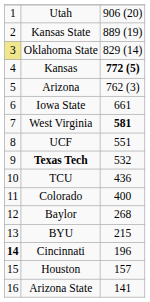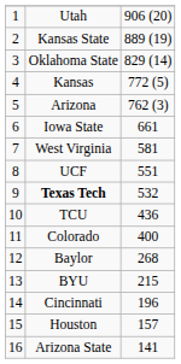 <table class="wikitable" style="display: inline-table;">
 <tr align="center">
 </tr>
 <tr align="center">
 <td>1</td>
 <td>Utah</td>
 <td>906 (20)</td>
 </tr>
 <tr align="center">
 <td>2</td>
 <td>Kansas State</td>
 <td>889 (19)</td>
 </tr>
 <tr align="center">
-<td style="background: khaki;">3</td>
+<td>3</td>
 <td>Oklahoma State</td>
 <td>829 (14)</td>
 </tr>
 <tr align="center">
 <td>4</td>
 <td>Kansas</td>
-<td><strong>772 (5)</strong></td>
+<td>772 (5)</td>
 </tr>
 <tr align="center">
 <td>5</td>
 <td>Arizona</td>
 <td>762 (3)</td>
 </tr>
 <tr align="center">
 <td>6</td>
 <td>Iowa State</td>
 <td>661</td>
 </tr>
 <tr align="center">
 <td>7</td>
 <td>West Virginia</td>
-<td><strong>581</strong></td>
+<td>581</td>
 </tr>
 <tr align="center">
 <td>8</td>
 <td>UCF</td>
 <td>551</td>
 </tr>
 <tr align="center">
 <td>9</td>
 <td><strong>Texas Tech</strong></td>
 <td>532</td>
 </tr>
 <tr align="center">
 <td>10</td>
 <td>TCU</td>
 <td>436</td>
 </tr>
 <tr align="center">
 <td>11</td>
 <td>Colorado</td>
 <td>400</td>
 </tr>
 <tr align="center">
 <td>12</td>
 <td>Baylor</td>
 <td>268</td>
 </tr>
 <tr align="center">
 <td>13</td>
 <td>BYU</td>
 <td>215</td>
 </tr>
 <tr align="center">
-<td><strong>14</strong></td>
+<td>14</td>
 <td>Cincinnati</td>
 <td>196</td>
 </tr>
 <tr align="center">
 <td>15</td>
 <td>Houston</td>
 <td>157</td>
 </tr>
 <tr align="center">
 <td>16</td>
 <td>Arizona State</td>
 <td>141</td>
 </tr>
 </table>
